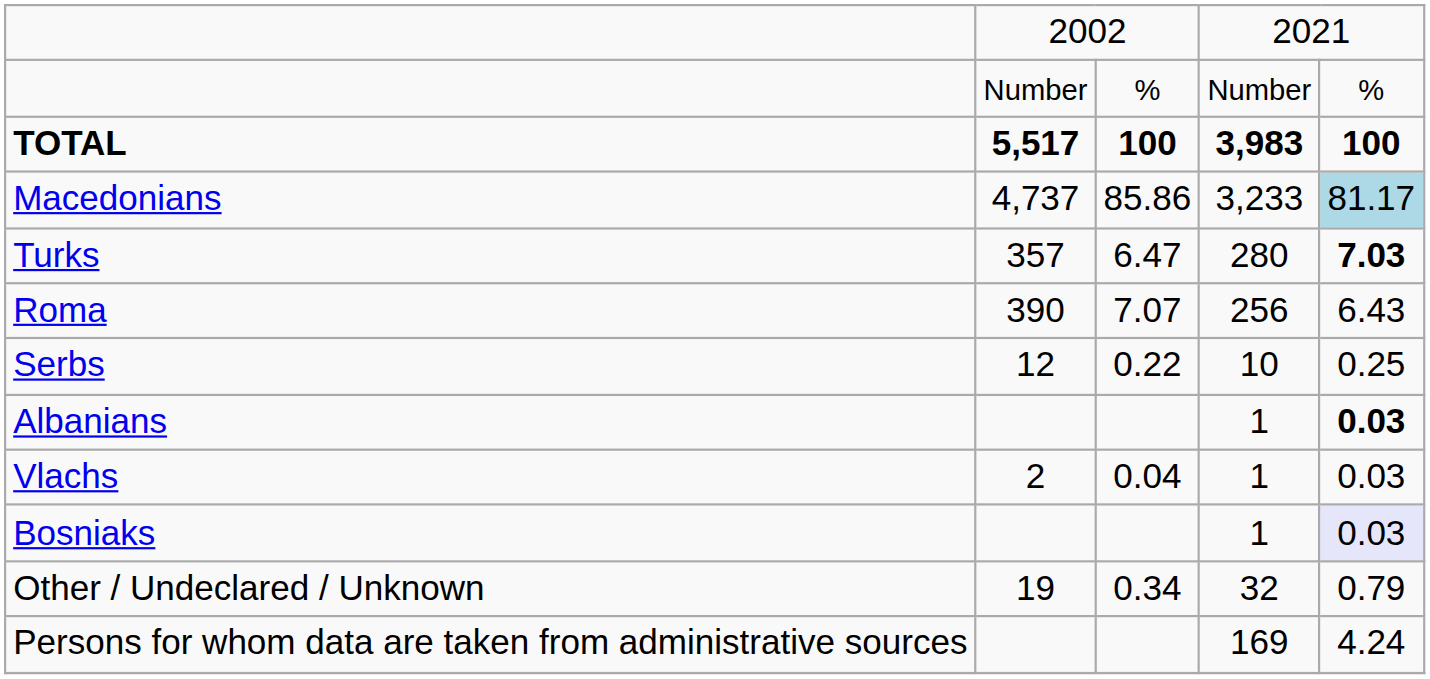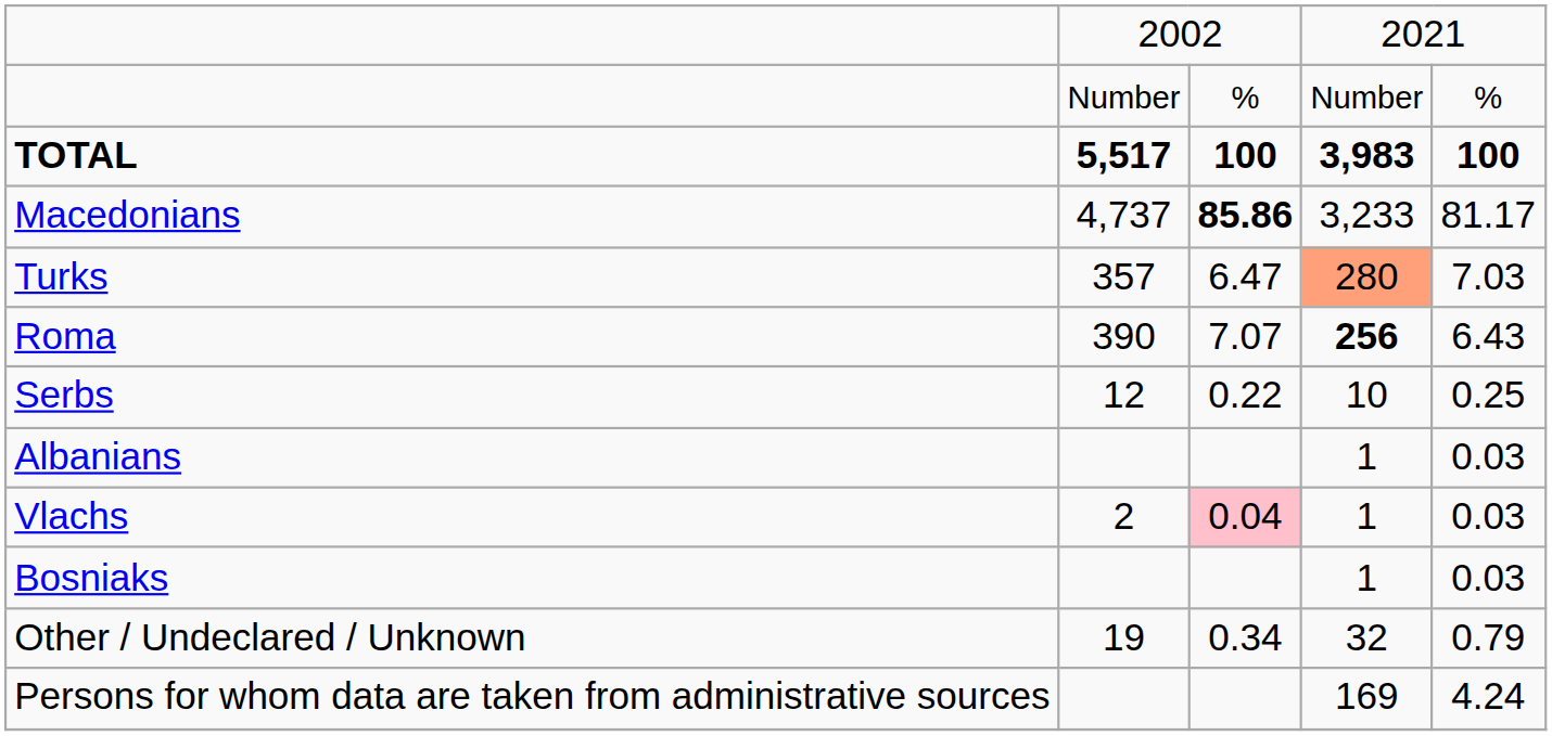 <table class="wikitable">
 <tr>
 <td></td>
 <td colspan="2" align="center">2002</td>
 <td colspan="2" align="center">2021</td>
 </tr>
 <tr>
 <td></td>
 <td align="center"><small>Number</small></td>
 <td align="center"><small>%</small></td>
 <td align="center"><small>Number</small></td>
 <td align="center"><small>%</small></td>
 </tr>
 <tr>
 <td><strong>TOTAL</strong></td>
 <td align="center"><strong>5,517</strong></td>
 <td align="center"><strong>100</strong></td>
 <td align="center"><strong>3,983</strong></td>
 <td align="center"><strong>100</strong></td>
 </tr>
 <tr>
 <td><a href='#'>Macedonians</a></td>
 <td align="center">4,737</td>
-<td align="center">85.86</td>
+<td align="center"><strong>85.86</strong></td>
 <td align="center">3,233</td>
-<td align="center" style="background: lightblue;">81.17</td>
+<td align="center">81.17</td>
 </tr>
 <tr>
 <td><a href='#'>Turks</a></td>
 <td align="center">357</td>
 <td align="center">6.47</td>
-<td align="center">280</td>
-<td align="center"><strong>7.03</strong></td>
+<td align="center" style="background: lightsalmon;">280</td>
+<td align="center">7.03</td>
 </tr>
 <tr>
 <td><a href='#'>Roma</a></td>
 <td align="center">390</td>
 <td align="center">7.07</td>
-<td align="center">256</td>
+<td align="center"><strong>256</strong></td>
 <td align="center">6.43</td>
 </tr>
 <tr>
 <td><a href='#'>Serbs</a></td>
 <td align="center">12</td>
 <td align="center">0.22</td>
 <td align="center">10</td>
 <td align="center">0.25</td>
 </tr>
 <tr>
 <td><a href='#'>Albanians</a></td>
 <td align="center"></td>
 <td align="center"></td>
 <td align="center">1</td>
-<td align="center"><strong>0.03</strong></td>
+<td align="center">0.03</td>
 </tr>
 <tr>
 <td><a href='#'>Vlachs</a></td>
 <td align="center">2</td>
-<td align="center">0.04</td>
+<td align="center" style="background: pink;">0.04</td>
 <td align="center">1</td>
 <td align="center">0.03</td>
 </tr>
 <tr>
 <td><a href='#'>Bosniaks</a></td>
 <td align="center"></td>
 <td align="center"></td>
 <td align="center">1</td>
-<td align="center" style="background: lavender;">0.03</td>
+<td align="center">0.03</td>
 </tr>
 <tr>
 <td>Other / Undeclared / Unknown</td>
 <td align="center">19</td>
 <td align="center">0.34</td>
 <td align="center">32</td>
 <td align="center">0.79</td>
 </tr>
 <tr>
 <td>Persons for whom data are taken from administrative sources</td>
 <td></td>
 <td></td>
 <td align="center">169</td>
 <td align="center">4.24</td>
 </tr>
 <tr>
 </tr>
 </table>
